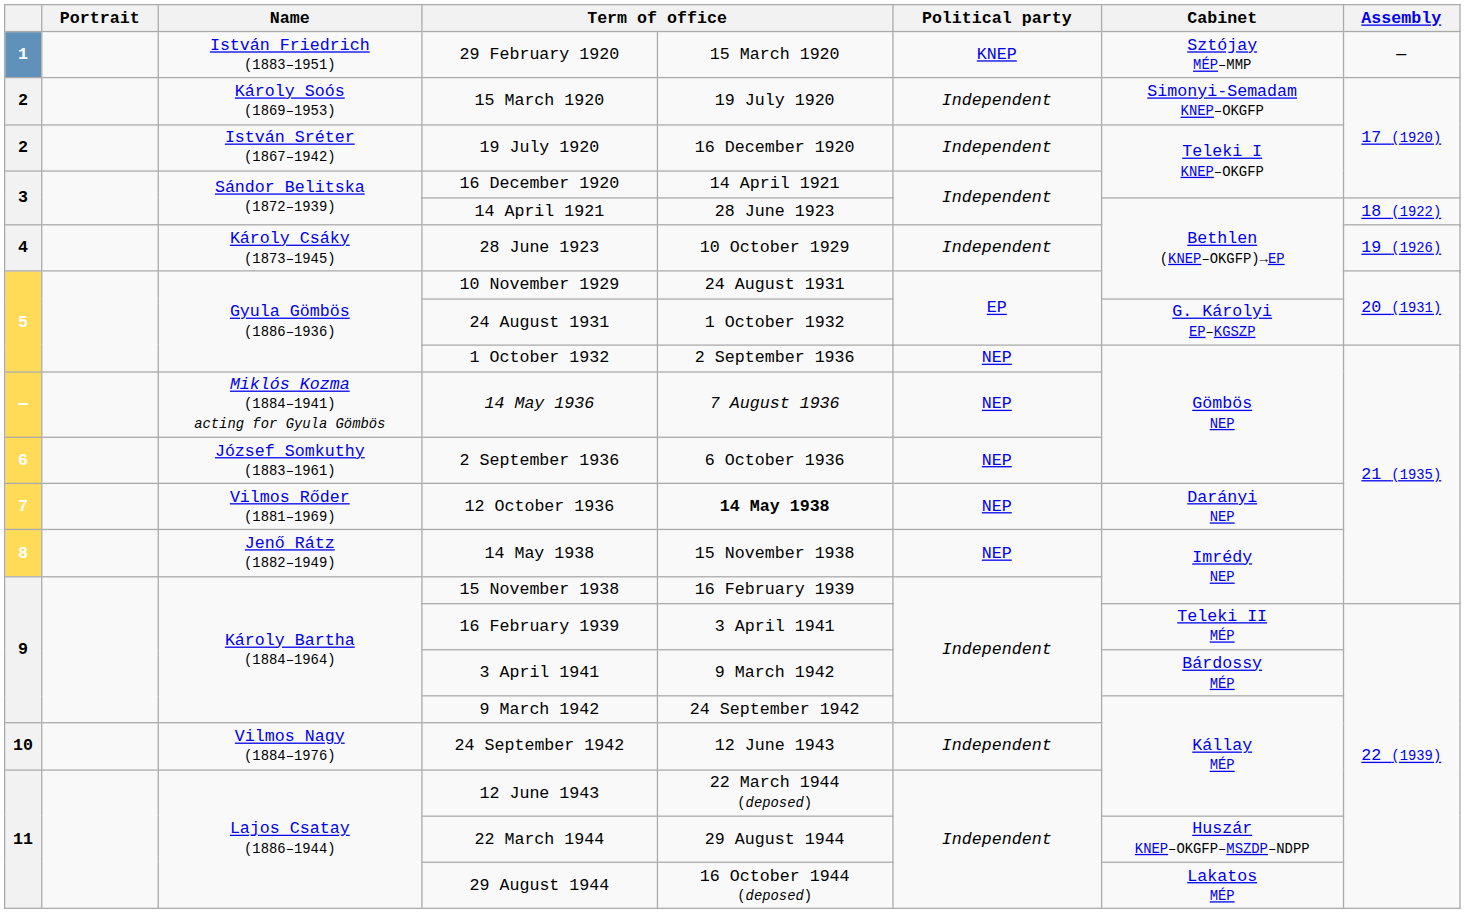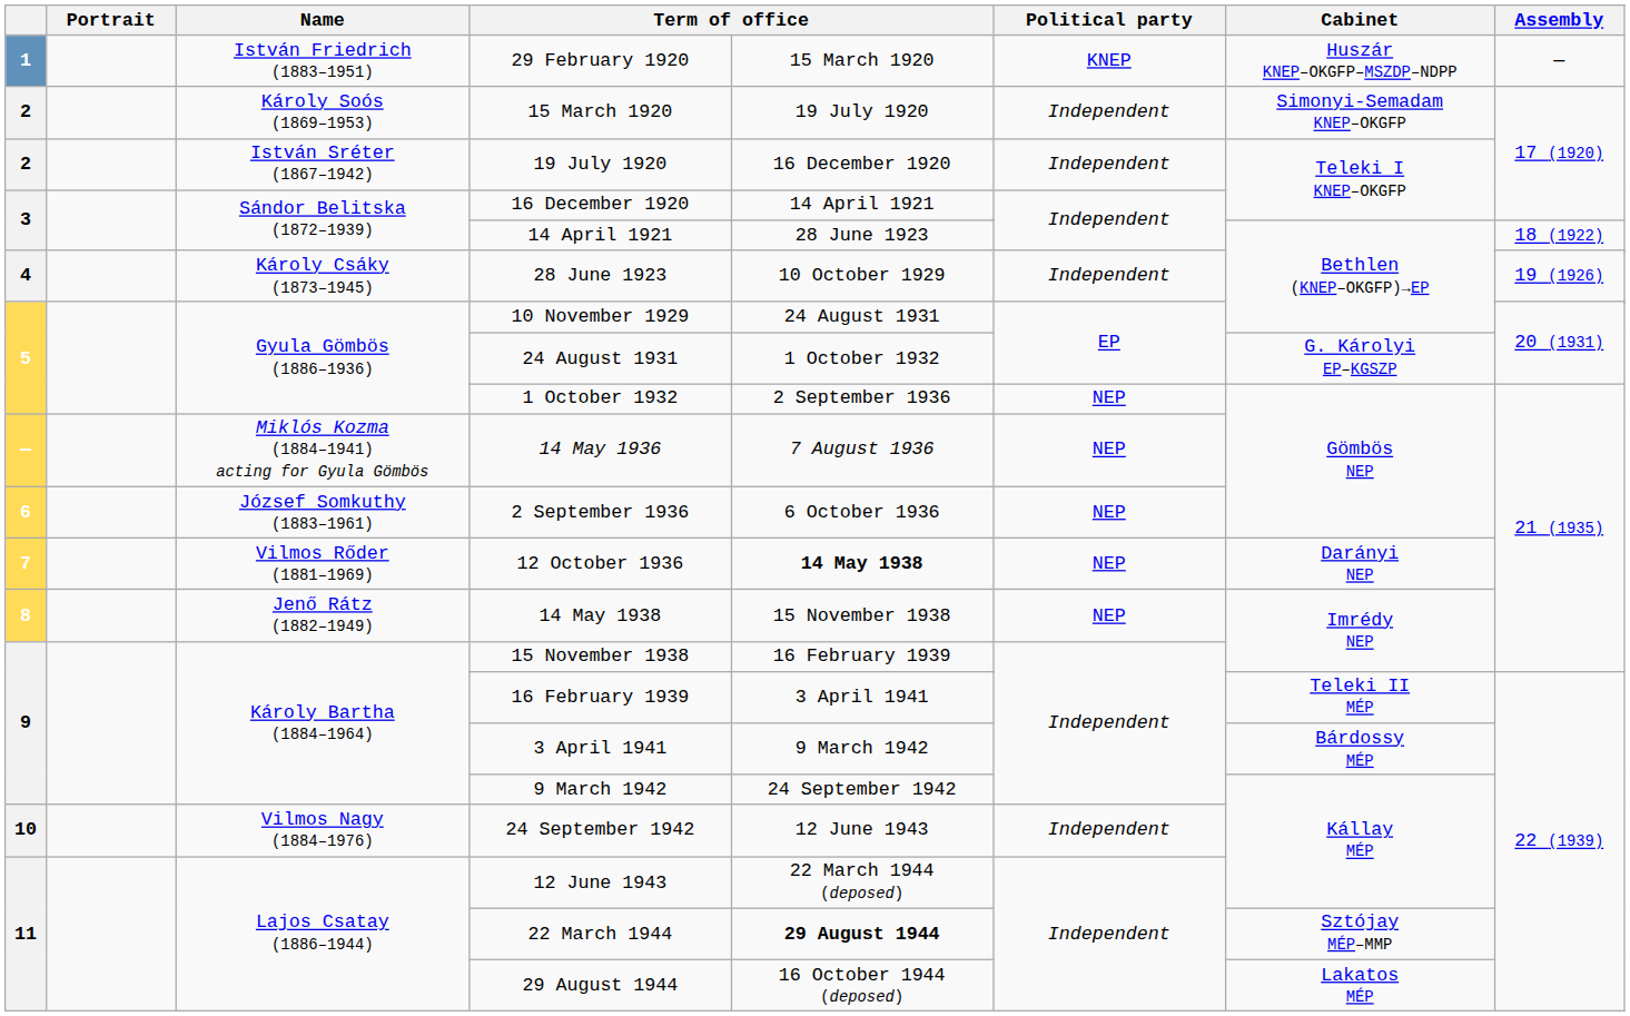 <table class="wikitable" style="width:90%; text-align:center;">
 <tr>
 <th></th>
 <th>Portrait</th>
 <th>Name<br></th>
 <th colspan=2>Term of office</th>
 <th>Political party</th>
 <th>Cabinet</th>
 <th><a href='#'>Assembly</a><br></th>
 </tr>
 <tr>
 <th style="background-color:#6091BA; color:white">1</th>
 <td></td>
 <td><a href='#'>István Friedrich</a><br><small>(1883–1951)</small></td>
 <td>29 February 1920</td>
 <td>15 March 1920</td>
 <td><a href='#'>KNEP</a></td>
-<td><a href='#'>Sztójay</a><br><small><a href='#'>MÉP</a>–MMP</small></td>
+<td><a href='#'>Huszár</a><br><small><a href='#'>KNEP</a>–OKGFP–<a href='#'>MSZDP</a>–NDPP</small></td>
 <td>—</td>
 </tr>
 <tr>
 <th style="background:">2</th>
 <td></td>
 <td><a href='#'>Károly Soós</a><br><small>(1869–1953)</small></td>
 <td>15 March 1920</td>
 <td>19 July 1920</td>
 <td><em>Independent</em></td>
 <td><a href='#'>Simonyi-Semadam</a><br><small><a href='#'>KNEP</a>–OKGFP</small></td>
 <td rowspan="4"><a href='#'>17 <small>(1920)</small></a></td>
 </tr>
 <tr>
 <th style="background:">2</th>
 <td></td>
 <td><a href='#'>István Sréter</a><br><small>(1867–1942)</small></td>
 <td>19 July 1920</td>
 <td>16 December 1920</td>
 <td><em>Independent</em></td>
 <td rowspan="2"><a href='#'>Teleki I</a><br><small><a href='#'>KNEP</a>–OKGFP</small></td>
 </tr>
 <tr>
 <th rowspan="3" style="background:">3</th>
 <td rowspan="3"></td>
 <td rowspan="3"><a href='#'>Sándor Belitska</a><br><small>(1872–1939)</small></td>
 <td>16 December 1920</td>
 <td>14 April 1921</td>
 <td rowspan="3"><em>Independent</em></td>
 </tr>
 <tr>
 <td rowspan="2">14 April 1921</td>
 <td rowspan="2">28 June 1923</td>
 <td rowspan="6"><a href='#'>Bethlen</a><br><small>(<a href='#'>KNEP</a>–OKGFP)→<a href='#'>EP</a></small></td>
 </tr>
 <tr>
 <td rowspan="2"><a href='#'>18 <small>(1922)</small></a></td>
 </tr>
 <tr>
 <th rowspan="2" style="background:">4</th>
 <td rowspan="2"></td>
 <td rowspan="2"><a href='#'>Károly Csáky</a><br><small>(1873–1945)</small></td>
 <td rowspan="2">28 June 1923</td>
 <td rowspan="2">10 October 1929</td>
 <td rowspan="2"><em>Independent</em></td>
 </tr>
 <tr>
 <td rowspan="2"><a href='#'>19 <small>(1926)</small></a></td>
 </tr>
 <tr>
 <th rowspan="5" style="background-color:#FFDB58; color:white">5</th>
 <td rowspan="5"></td>
 <td rowspan="5"><a href='#'>Gyula Gömbös</a><br><small>(1886–1936)</small></td>
 <td rowspan="2">10 November 1929</td>
 <td rowspan="2">24 August 1931</td>
 <td rowspan="3"><a href='#'>EP</a></td>
 </tr>
 <tr>
 <td rowspan="3"><a href='#'>20 <small>(1931)</small></a></td>
 </tr>
 <tr>
 <td>24 August 1931</td>
 <td>1 October 1932</td>
 <td><a href='#'>G. Károlyi</a><br><small><a href='#'>EP</a>–<a href='#'>KGSZP</a></small></td>
 </tr>
 <tr>
 <td rowspan="2">1 October 1932</td>
 <td rowspan="2">2 September 1936</td>
 <td rowspan="2"><a href='#'>NEP</a></td>
 <td rowspan="4"><a href='#'>Gömbös</a><br><small><a href='#'>NEP</a></small></td>
 </tr>
 <tr>
 <td rowspan="7"><a href='#'>21 <small>(1935)</small></a></td>
 </tr>
 <tr>
 <th style="background-color:#FFDB58; color:white">—</th>
 <td></td>
 <td><em><a href='#'>Miklós Kozma</a></em><br><small>(1884–1941)<br><em>acting for Gyula Gömbös</em></small></td>
 <td><em>14 May 1936</em></td>
 <td><em>7 August 1936</em></td>
 <td><a href='#'>NEP</a></td>
 </tr>
 <tr>
 <th style="background-color:#FFDB58; color:white">6</th>
 <td></td>
 <td><a href='#'>József Somkuthy</a><br><small>(1883–1961)</small></td>
 <td>2 September 1936</td>
 <td>6 October 1936</td>
 <td><a href='#'>NEP</a></td>
 </tr>
 <tr>
 <th style="background-color:#FFDB58; color:white">7</th>
 <td></td>
 <td><a href='#'>Vilmos Rőder</a><br><small>(1881–1969)</small></td>
 <td>12 October 1936</td>
 <td><strong>14 May 1938</strong></td>
 <td><a href='#'>NEP</a></td>
 <td><a href='#'>Darányi</a><br><small><a href='#'>NEP</a></small></td>
 </tr>
 <tr>
 <th style="background-color:#FFDB58; color:white">8</th>
 <td></td>
 <td><a href='#'>Jenő Rátz</a><br><small>(1882–1949)</small></td>
 <td>14 May 1938</td>
 <td>15 November 1938</td>
 <td><a href='#'>NEP</a></td>
 <td rowspan="2"><a href='#'>Imrédy</a><br><small><a href='#'>NEP</a></small></td>
 </tr>
 <tr>
 <th rowspan="5" style="background:">9</th>
 <td rowspan="5"></td>
 <td rowspan="5"><a href='#'>Károly Bartha</a><br><small>(1884–1964)</small></td>
 <td>15 November 1938</td>
 <td>16 February 1939</td>
 <td rowspan="5"><em>Independent</em></td>
 </tr>
 <tr>
 <td rowspan="2">16 February 1939</td>
 <td rowspan="2">3 April 1941</td>
 <td rowspan="2"><a href='#'>Teleki II</a><br><small><a href='#'>MÉP</a></small></td>
 </tr>
 <tr>
 <td rowspan="7"><a href='#'>22 <small>(1939)</small></a></td>
 </tr>
 <tr>
 <td>3 April 1941</td>
 <td>9 March 1942</td>
 <td><a href='#'>Bárdossy</a><br><small><a href='#'>MÉP</a></small></td>
 </tr>
 <tr>
 <td>9 March 1942</td>
 <td>24 September 1942</td>
 <td rowspan="3"><a href='#'>Kállay</a><br><small><a href='#'>MÉP</a></small></td>
 </tr>
 <tr>
 <th style="background:">10</th>
 <td></td>
 <td><a href='#'>Vilmos Nagy</a><br><small>(1884–1976)</small></td>
 <td>24 September 1942</td>
 <td>12 June 1943</td>
 <td><em>Independent</em></td>
 </tr>
 <tr>
 <th rowspan="3" style="background:">11</th>
 <td rowspan="3"></td>
 <td rowspan="3"><a href='#'>Lajos Csatay</a><br><small>(1886–1944)</small></td>
 <td>12 June 1943</td>
 <td>22 March 1944<br><small>(<em>deposed</em>)</small></td>
 <td rowspan="3"><em>Independent</em></td>
 </tr>
 <tr>
 <td>22 March 1944</td>
-<td>29 August 1944</td>
-<td><a href='#'>Huszár</a><br><small><a href='#'>KNEP</a>–OKGFP–<a href='#'>MSZDP</a>–NDPP</small></td>
+<td><strong>29 August 1944</strong></td>
+<td><a href='#'>Sztójay</a><br><small><a href='#'>MÉP</a>–MMP</small></td>
 </tr>
 <tr>
 <td>29 August 1944</td>
 <td>16 October 1944<br><small>(<em>deposed</em>)</small></td>
 <td><a href='#'>Lakatos</a><br><small><a href='#'>MÉP</a></small></td>
 </tr>
 </table>
